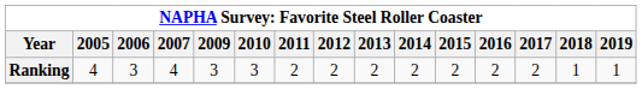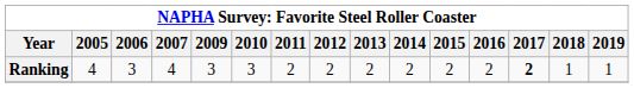 <table class="wikitable">
 <tr>
 <th style="text-align:center; background:white;" colspan="31"><a href='#'>NAPHA</a> Survey: Favorite Steel Roller Coaster</th>
 </tr>
 <tr style="background:#white;">
 <th style="text-align:center;">Year</th>
 <th>2005</th>
 <th>2006</th>
 <th>2007</th>
 <th>2009</th>
 <th>2010</th>
 <th>2011</th>
 <th>2012</th>
 <th>2013</th>
 <th>2014</th>
 <th>2015</th>
 <th>2016</th>
 <th>2017</th>
 <th>2018</th>
 <th>2019</th>
 </tr>
 <tr>
 <th>Ranking</th>
 <td style="text-align:center;">4</td>
 <td style="text-align:center;">3</td>
 <td style="text-align:center;">4</td>
 <td style="text-align:center;">3</td>
 <td style="text-align:center;">3</td>
 <td style="text-align:center;">2</td>
 <td style="text-align:center;">2</td>
 <td style="text-align:center;">2</td>
 <td style="text-align:center;">2</td>
 <td style="text-align:center;">2</td>
 <td style="text-align:center;">2</td>
-<td style="text-align:center;">2</td>
+<td style="text-align:center;"><strong>2</strong></td>
 <td style="text-align:center;">1</td>
 <td style="text-align:center;">1</td>
 </tr>
 <tr>
 </tr>
 </table>
